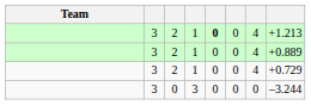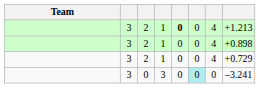 <table class="wikitable" style="text-align:center">
 <tr>
 <th width=180>Team</th>
 <th width=20></th>
 <th width=20></th>
 <th width=20></th>
 <th width=20></th>
 <th width=20></th>
 <th width=20></th>
 <th width=45></th>
 </tr>
 <tr style="background:#cfc">
 <td align="left"></td>
 <td>3</td>
 <td>2</td>
 <td>1</td>
 <td><strong>0</strong></td>
 <td>0</td>
 <td>4</td>
 <td>+1.213</td>
 </tr>
 <tr style="background:#cfc">
 <td align="left"></td>
 <td>3</td>
 <td>2</td>
 <td>1</td>
 <td>0</td>
 <td>0</td>
 <td>4</td>
-<td>+0.889</td>
+<td>+0.898</td>
 </tr>
 <tr>
 <td align="left"></td>
 <td>3</td>
 <td>2</td>
 <td>1</td>
 <td>0</td>
 <td>0</td>
 <td>4</td>
 <td>+0.729</td>
 </tr>
 <tr>
 <td align="left"></td>
 <td>3</td>
 <td>0</td>
 <td>3</td>
 <td>0</td>
+<td style="background: paleturquoise;">0</td>
 <td>0</td>
-<td>0</td>
-<td>–3.244</td>
+<td>–3.241</td>
 </tr>
 </table>
